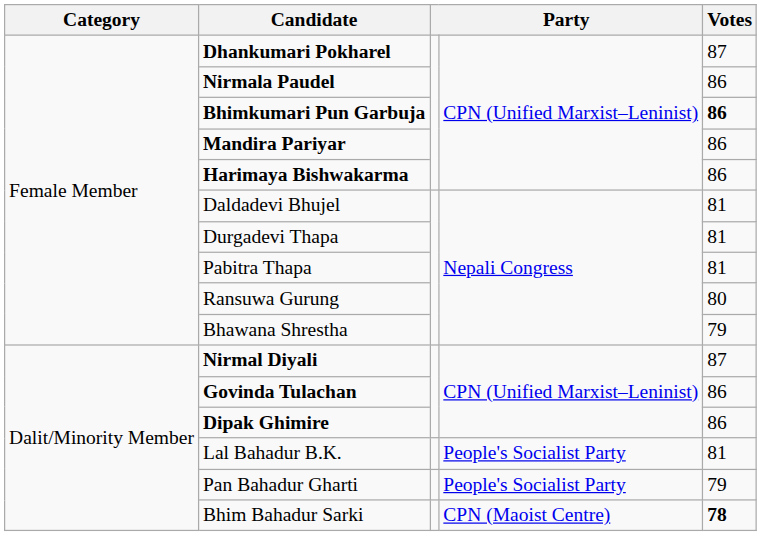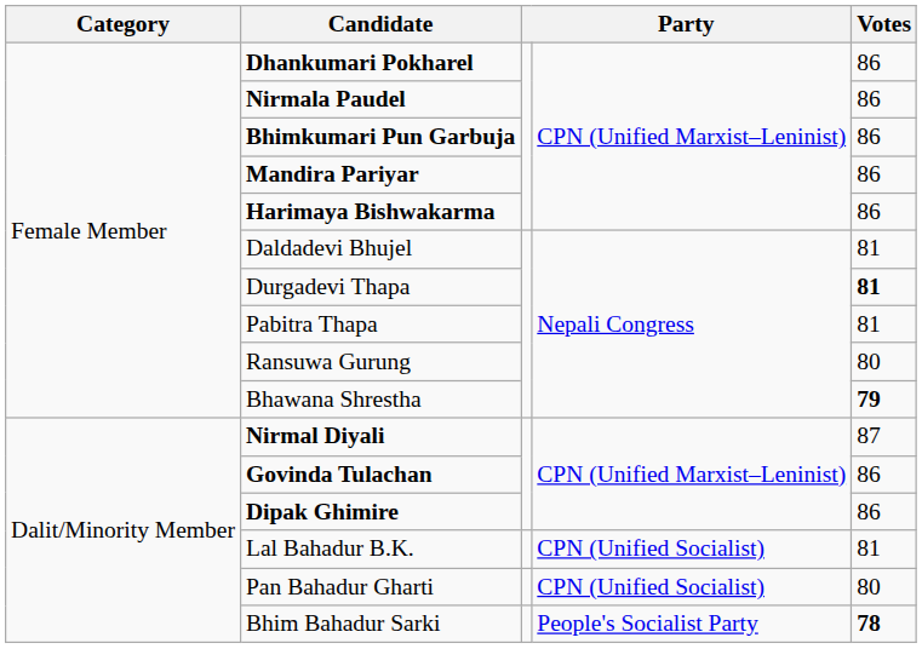 <table class="wikitable">
 <tr>
 <th>Category</th>
 <th>Candidate</th>
 <th colspan="2">Party</th>
 <th>Votes</th>
 </tr>
 <tr>
 <td rowspan="10">Female Member</td>
 <td><strong>Dhankumari Pokharel</strong></td>
 <td rowspan="5" style="background-color:"><br></td>
 <td rowspan="5"><a href='#'>CPN (Unified Marxist–Leninist)</a></td>
-<td>87</td>
+<td>86</td>
 </tr>
 <tr>
 <td><strong>Nirmala Paudel</strong></td>
 <td>86</td>
 </tr>
 <tr>
 <td><strong>Bhimkumari Pun Garbuja</strong></td>
-<td><strong>86</strong></td>
+<td>86</td>
 </tr>
 <tr>
 <td><strong>Mandira Pariyar</strong></td>
 <td>86</td>
 </tr>
 <tr>
 <td><strong>Harimaya Bishwakarma</strong></td>
 <td>86</td>
 </tr>
 <tr>
 <td>Daldadevi Bhujel</td>
 <td rowspan="5" style="background-color:"><br></td>
 <td rowspan="5"><a href='#'>Nepali Congress</a></td>
 <td>81</td>
 </tr>
 <tr>
 <td>Durgadevi Thapa</td>
-<td>81</td>
+<td><strong>81</strong></td>
 </tr>
 <tr>
 <td>Pabitra Thapa</td>
 <td>81</td>
 </tr>
 <tr>
 <td>Ransuwa Gurung</td>
 <td>80</td>
 </tr>
 <tr>
 <td>Bhawana Shrestha</td>
-<td>79</td>
+<td><strong>79</strong></td>
 </tr>
 <tr>
 <td rowspan="6">Dalit/Minority Member</td>
 <td><strong>Nirmal Diyali</strong></td>
 <td rowspan="3" style="background-color:"><br></td>
 <td rowspan="3"><a href='#'>CPN (Unified Marxist–Leninist)</a></td>
 <td>87</td>
 </tr>
 <tr>
 <td><strong>Govinda Tulachan</strong></td>
 <td>86</td>
 </tr>
 <tr>
 <td><strong>Dipak Ghimire</strong></td>
 <td>86</td>
 </tr>
 <tr>
 <td>Lal Bahadur B.K.</td>
 <td style="background-color:"><br></td>
-<td><a href='#'>People's Socialist Party</a></td>
+<td><a href='#'>CPN (Unified Socialist)</a></td>
 <td>81</td>
 </tr>
 <tr>
 <td>Pan Bahadur Gharti</td>
 <td style="background-color:"><br></td>
-<td><a href='#'>People's Socialist Party</a></td>
-<td>79</td>
+<td><a href='#'>CPN (Unified Socialist)</a></td>
+<td>80</td>
 </tr>
 <tr>
 <td>Bhim Bahadur Sarki</td>
 <td style="background-color:"><br></td>
-<td><a href='#'>CPN (Maoist Centre)</a></td>
+<td><a href='#'>People's Socialist Party</a></td>
 <td><strong>78</strong></td>
 </tr>
 </table>
